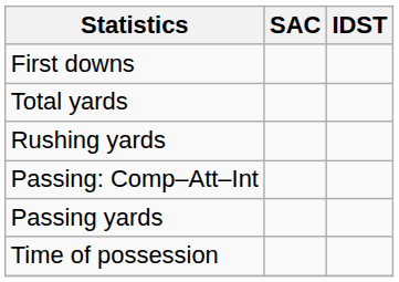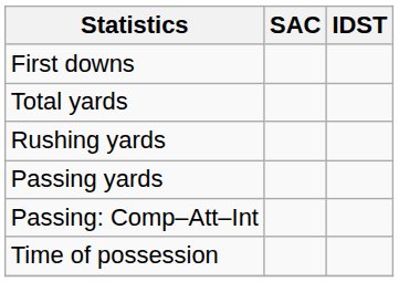 <table class="wikitable" style="float: left;">
 <tr>
 <th>Statistics</th>
 <th>SAC</th>
 <th>IDST</th>
 </tr>
 <tr>
 <td>First downs</td>
 <td></td>
 <td></td>
 </tr>
 <tr>
 <td>Total yards</td>
 <td></td>
 <td></td>
 </tr>
 <tr>
 <td>Rushing yards</td>
 <td></td>
 <td></td>
 </tr>
 <tr>
-<td>Passing: Comp–Att–Int</td>
+<td>Passing yards</td>
 <td></td>
 <td></td>
 </tr>
 <tr>
-<td>Passing yards</td>
+<td>Passing: Comp–Att–Int</td>
 <td></td>
 <td></td>
 </tr>
 <tr>
 <td>Time of possession</td>
 <td></td>
 <td></td>
 </tr>
 <tr>
 </tr>
 </table>
